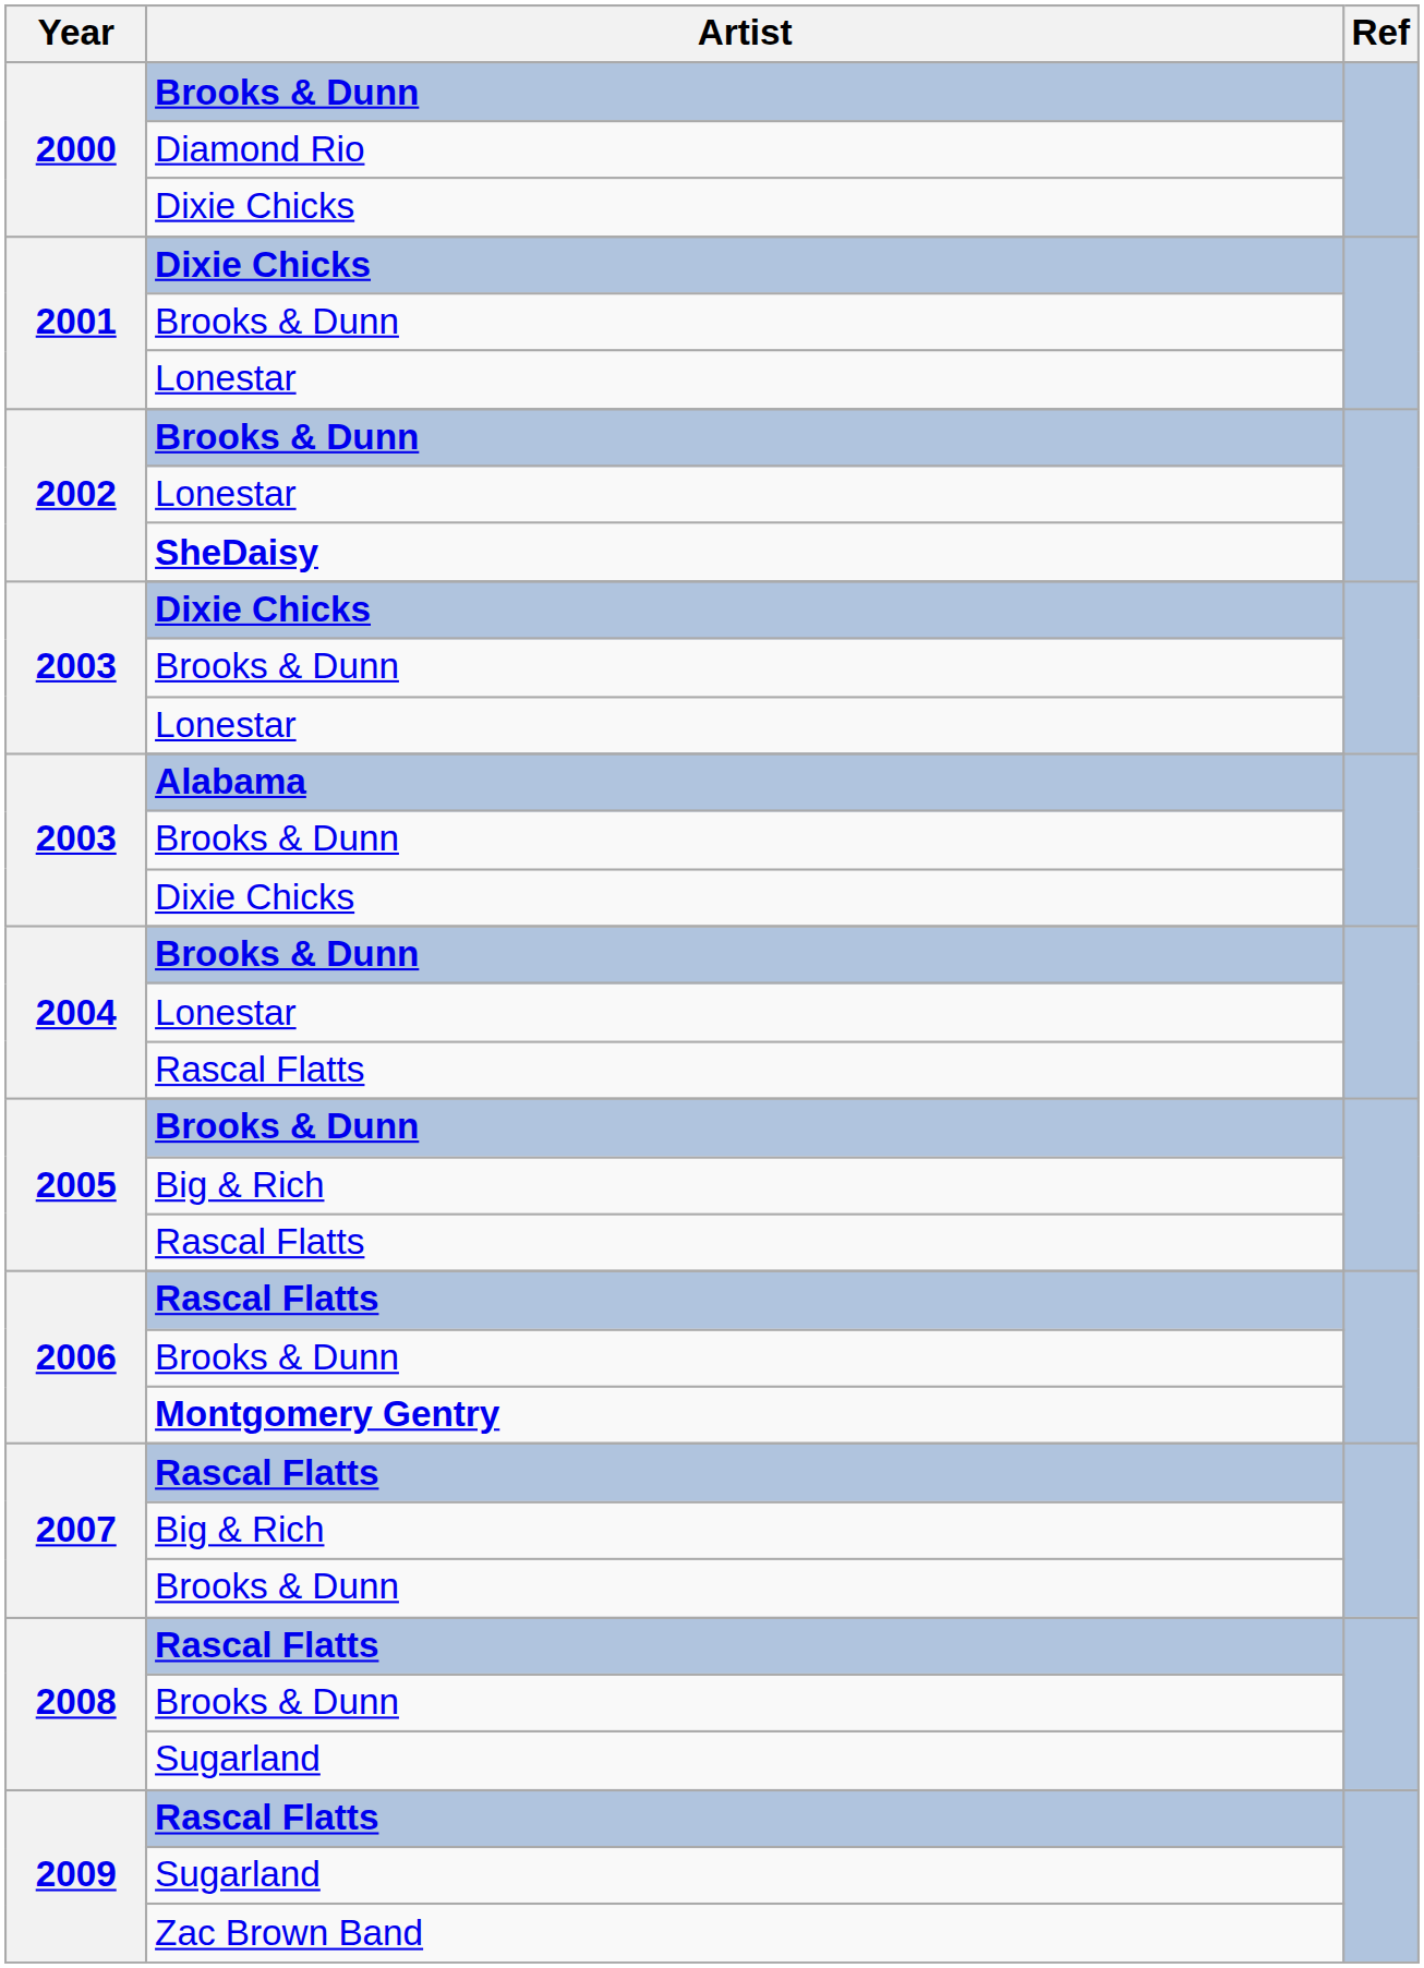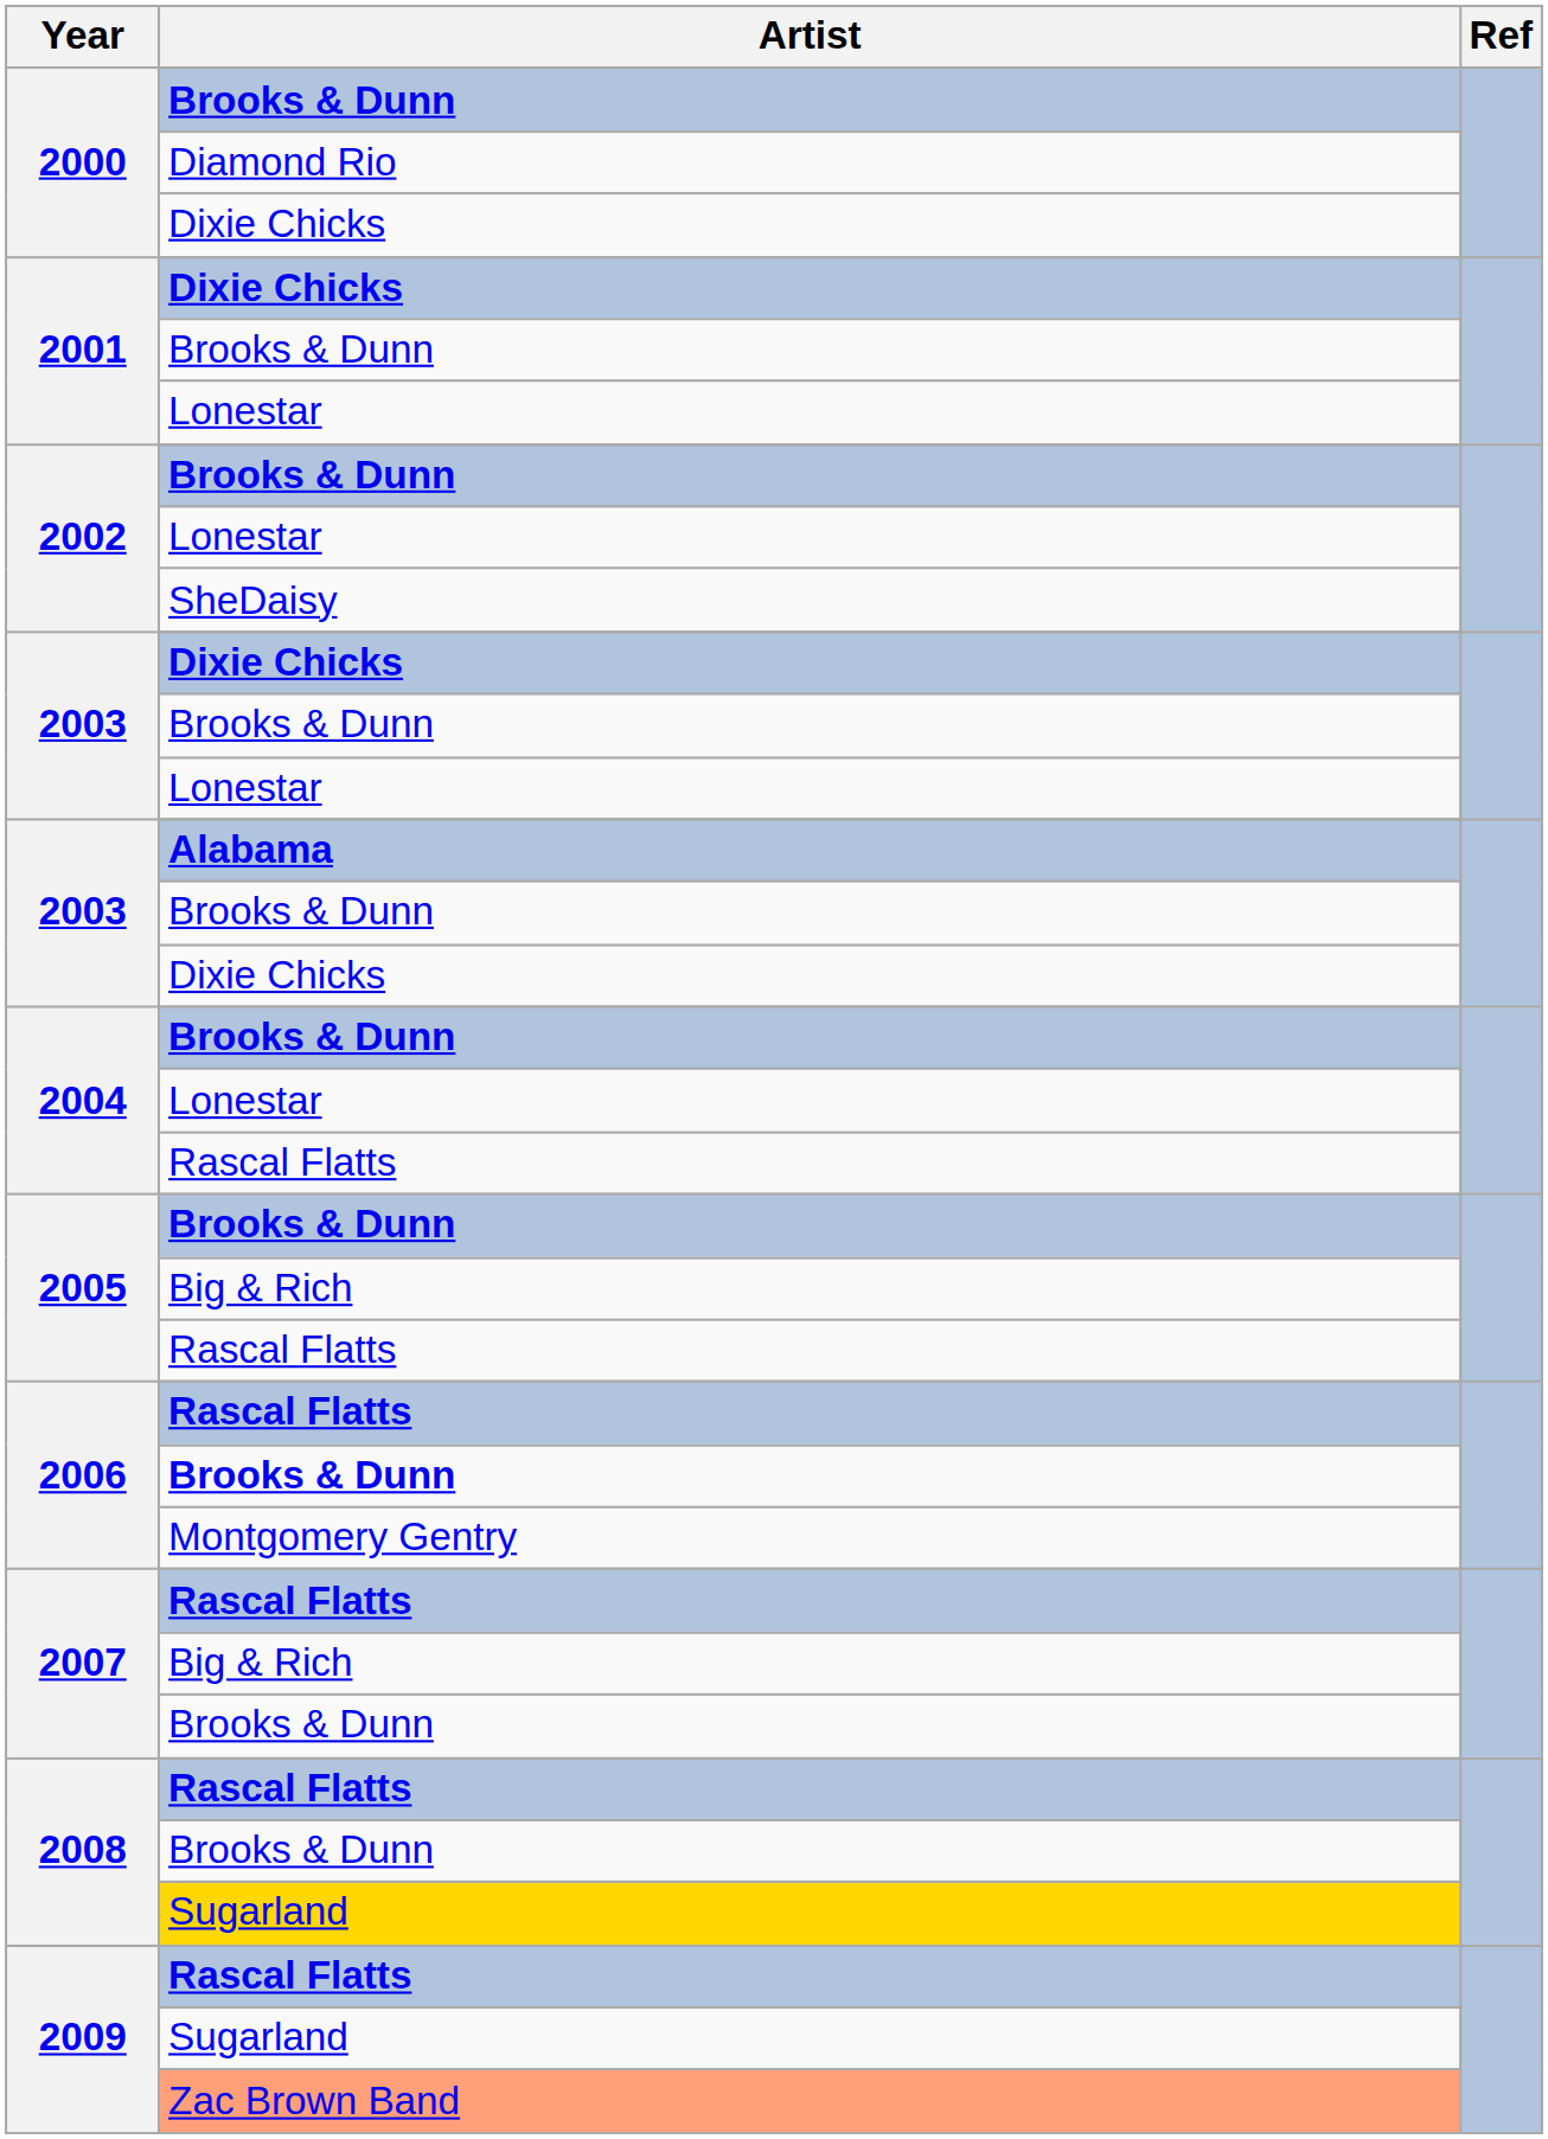 <table class="wikitable" width="100%">
 <tr>
 <th width="10%">Year</th>
 <th width="85%">Artist</th>
 <th width="5%">Ref</th>
 </tr>
 <tr>
 <th rowspan="4" align="center"><a href='#'>2000<br></a></th>
 </tr>
 <tr style="background:#B0C4DE">
 <td><strong><a href='#'>Brooks & Dunn</a></strong></td>
 <td rowspan="4" align="center"></td>
 </tr>
 <tr>
 <td><a href='#'>Diamond Rio</a></td>
 </tr>
 <tr>
 <td><a href='#'>Dixie Chicks</a></td>
 </tr>
 <tr>
 <th rowspan="4" align="center"><a href='#'>2001<br></a></th>
 </tr>
 <tr style="background:#B0C4DE">
 <td><strong><a href='#'>Dixie Chicks</a></strong></td>
 <td rowspan="4" align="center"></td>
 </tr>
 <tr>
 <td><a href='#'>Brooks & Dunn</a></td>
 </tr>
 <tr>
 <td><a href='#'>Lonestar</a></td>
 </tr>
 <tr>
 <th rowspan="4" align="center"><a href='#'>2002<br></a></th>
 </tr>
 <tr style="background:#B0C4DE">
 <td><strong><a href='#'>Brooks & Dunn</a></strong></td>
 <td rowspan="4" align="center"></td>
 </tr>
 <tr>
 <td><a href='#'>Lonestar</a></td>
 </tr>
 <tr>
-<td><strong><a href='#'>SheDaisy</a></strong></td>
+<td><a href='#'>SheDaisy</a></td>
 </tr>
 <tr>
 <th rowspan="4" align="center"><a href='#'>2003<br></a></th>
 </tr>
 <tr style="background:#B0C4DE">
 <td><strong><a href='#'>Dixie Chicks</a></strong></td>
 <td rowspan="4" align="center"></td>
 </tr>
 <tr>
 <td><a href='#'>Brooks & Dunn</a></td>
 </tr>
 <tr>
 <td><a href='#'>Lonestar</a></td>
 </tr>
 <tr>
 <th rowspan="4" align="center"><a href='#'>2003<br></a></th>
 </tr>
 <tr style="background:#B0C4DE">
 <td><strong><a href='#'>Alabama</a></strong></td>
 <td rowspan="4" align="center"></td>
 </tr>
 <tr>
 <td><a href='#'>Brooks & Dunn</a></td>
 </tr>
 <tr>
 <td><a href='#'>Dixie Chicks</a></td>
 </tr>
 <tr>
 <th rowspan="4" align="center"><a href='#'>2004<br></a></th>
 </tr>
 <tr style="background:#B0C4DE">
 <td><strong><a href='#'>Brooks & Dunn</a></strong></td>
 <td rowspan="4" align="center"></td>
 </tr>
 <tr>
 <td><a href='#'>Lonestar</a></td>
 </tr>
 <tr>
 <td><a href='#'>Rascal Flatts</a></td>
 </tr>
 <tr>
 <th rowspan="4" align="center"><a href='#'>2005<br></a></th>
 </tr>
 <tr style="background:#B0C4DE">
 <td><strong><a href='#'>Brooks & Dunn</a></strong></td>
 <td rowspan="4" align="center"></td>
 </tr>
 <tr>
 <td><a href='#'>Big & Rich</a></td>
 </tr>
 <tr>
 <td><a href='#'>Rascal Flatts</a></td>
 </tr>
 <tr>
 <th rowspan="4" align="center"><a href='#'>2006<br></a></th>
 </tr>
 <tr style="background:#B0C4DE">
 <td><strong><a href='#'>Rascal Flatts</a></strong></td>
 <td rowspan="4" align="center"></td>
 </tr>
 <tr>
-<td><a href='#'>Brooks & Dunn</a></td>
+<td><strong><a href='#'>Brooks & Dunn</a></strong></td>
 </tr>
 <tr>
-<td><strong><a href='#'>Montgomery Gentry</a></strong></td>
+<td><a href='#'>Montgomery Gentry</a></td>
 </tr>
 <tr>
 <th rowspan="4" align="center"><a href='#'>2007<br></a></th>
 </tr>
 <tr style="background:#B0C4DE">
 <td><strong><a href='#'>Rascal Flatts</a></strong></td>
 <td rowspan="4" align="center"></td>
 </tr>
 <tr>
 <td><a href='#'>Big & Rich</a></td>
 </tr>
 <tr>
 <td><a href='#'>Brooks & Dunn</a></td>
 </tr>
 <tr>
 <th rowspan="4" align="center"><a href='#'>2008<br></a></th>
 </tr>
 <tr style="background:#B0C4DE">
 <td><strong><a href='#'>Rascal Flatts</a></strong></td>
 <td rowspan="4" align="center"></td>
 </tr>
 <tr>
 <td><a href='#'>Brooks & Dunn</a></td>
 </tr>
 <tr>
-<td><a href='#'>Sugarland</a></td>
+<td style="background: gold;"><a href='#'>Sugarland</a></td>
 </tr>
 <tr>
 <th rowspan="4" align="center"><a href='#'>2009<br></a></th>
 </tr>
 <tr style="background:#B0C4DE">
 <td><strong><a href='#'>Rascal Flatts</a></strong></td>
 <td rowspan="4" align="center"></td>
 </tr>
 <tr>
 <td><a href='#'>Sugarland</a></td>
 </tr>
 <tr>
-<td><a href='#'>Zac Brown Band</a></td>
+<td style="background: lightsalmon;"><a href='#'>Zac Brown Band</a></td>
 </tr>
 </table>
